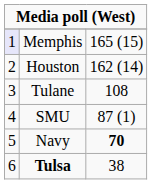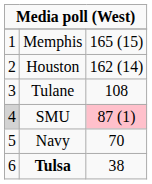 <table class="wikitable">
 <tr align="center">
 <td align="center" Colspan="3"><strong>Media poll (West)</strong></td>
 </tr>
 <tr align="center">
 </tr>
 <tr align="center">
-<td style="background: lavender;">1</td>
+<td>1</td>
 <td>Memphis</td>
 <td>165 (15)</td>
 </tr>
 <tr align="center">
 <td>2</td>
 <td>Houston</td>
 <td>162 (14)</td>
 </tr>
 <tr align="center">
 <td>3</td>
 <td>Tulane</td>
 <td>108</td>
 </tr>
 <tr align="center">
-<td>4</td>
+<td style="background: lightgrey;">4</td>
 <td>SMU</td>
-<td>87 (1)</td>
+<td style="background: pink;">87 (1)</td>
 </tr>
 <tr align="center">
 <td>5</td>
 <td>Navy</td>
-<td><strong>70</strong></td>
+<td>70</td>
 </tr>
 <tr align="center">
 <td>6</td>
 <td><strong>Tulsa</strong></td>
 <td>38</td>
 </tr>
 </table>
